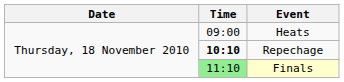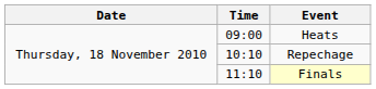 <table class = "wikitable" style="text-align:center;">
 <tr>
 <th width=220>Date</th>
 <th width=50>Time</th>
 <th width=100>Event</th>
 </tr>
 <tr>
 <td rowspan=3>Thursday, 18 November 2010</td>
 <td>09:00</td>
 <td>Heats</td>
 </tr>
 <tr>
-<td><strong>10:10</strong></td>
+<td>10:10</td>
 <td>Repechage</td>
 </tr>
 <tr>
-<td style="background: lightgreen;">11:10</td>
+<td>11:10</td>
 <td style="background:#ffffcc;">Finals</td>
 </tr>
 </table>
